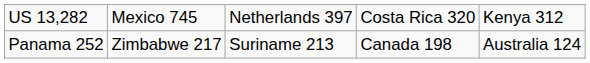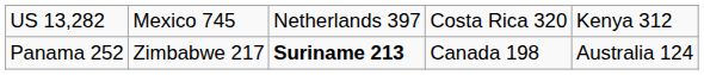 <table class="wikitable">
 <tr>
 <td>US 13,282</td>
 <td>Mexico 745</td>
 <td>Netherlands 397</td>
 <td>Costa Rica 320</td>
 <td>Kenya 312</td>
 </tr>
 <tr>
 <td>Panama 252</td>
 <td>Zimbabwe 217</td>
-<td>Suriname 213</td>
+<td><strong>Suriname 213</strong></td>
 <td>Canada 198</td>
 <td>Australia 124</td>
 </tr>
 </table>
